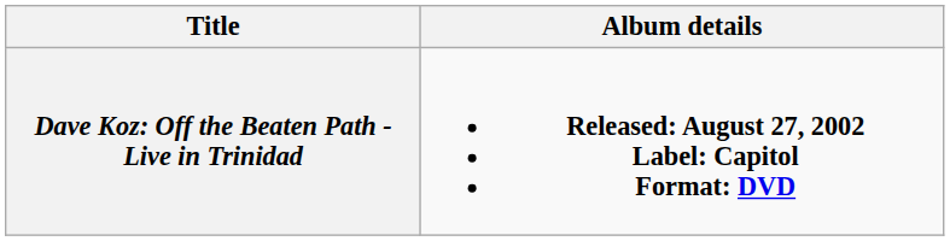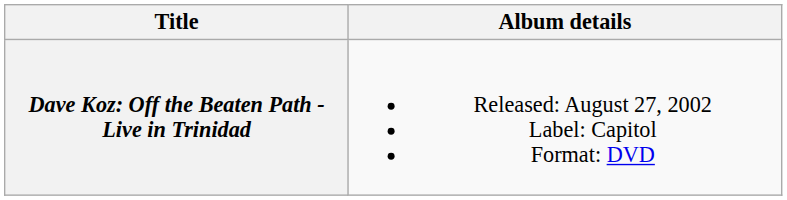 <table class="wikitable plainrowheaders" style="text-align:center">
 <tr>
 <th scope="col" style="width:15em;">Title</th>
 <th scope="col" style="width:19em;">Album details</th>
 </tr>
 <tr>
 <th scope="row"><em>Dave Koz: Off the Beaten Path - Live in Trinidad</em></th>
-<td><strong><br><ul><li>Released: August 27, 2002</li><li>Label: Capitol</li><li>Format: <a href='#'>DVD</a></li></ul></strong></td>
+<td><br><ul><li>Released: August 27, 2002</li><li>Label: Capitol</li><li>Format: <a href='#'>DVD</a></li></ul></td>
 </tr>
 </table>
